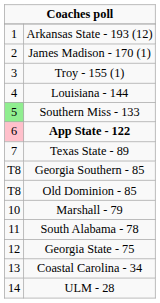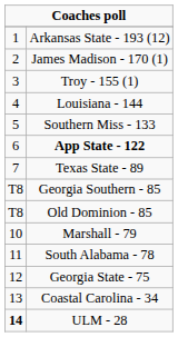 <table class="wikitable" style="display: inline-table;">
 <tr>
 <td align="center" Colspan="3"><strong>Coaches poll</strong></td>
 </tr>
 <tr align="center">
 </tr>
 <tr align="center">
 <td>1</td>
 <td>Arkansas State - 193 (12)</td>
 </tr>
 <tr align="center">
 <td>2</td>
 <td>James Madison - 170 (1)</td>
 </tr>
 <tr align="center">
 <td>3</td>
 <td>Troy - 155 (1)</td>
 </tr>
 <tr align="center">
 <td>4</td>
 <td>Louisiana - 144</td>
 </tr>
 <tr align="center">
-<td style="background: lightgreen;">5</td>
+<td>5</td>
 <td>Southern Miss - 133</td>
 </tr>
 <tr align="center">
-<td style="background: pink;">6</td>
+<td>6</td>
 <td><strong>App State - 122</strong></td>
 </tr>
 <tr align="center">
 <td>7</td>
 <td>Texas State - 89</td>
 </tr>
 <tr align="center">
 <td>T8</td>
 <td>Georgia Southern - 85</td>
 </tr>
 <tr align="center">
 <td>T8</td>
 <td>Old Dominion - 85</td>
 </tr>
 <tr align="center">
 <td>10</td>
 <td>Marshall - 79</td>
 </tr>
 <tr align="center">
 <td>11</td>
 <td>South Alabama - 78</td>
 </tr>
 <tr align="center">
 <td>12</td>
 <td>Georgia State - 75</td>
 </tr>
 <tr align="center">
 <td>13</td>
 <td>Coastal Carolina - 34</td>
 </tr>
 <tr align="center">
-<td>14</td>
+<td><strong>14</strong></td>
 <td>ULM - 28</td>
 </tr>
 </table>
